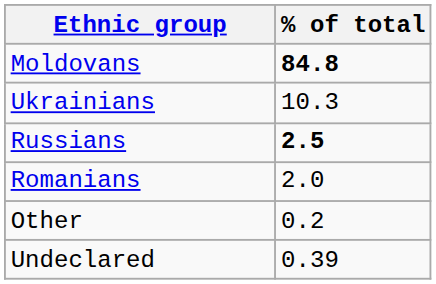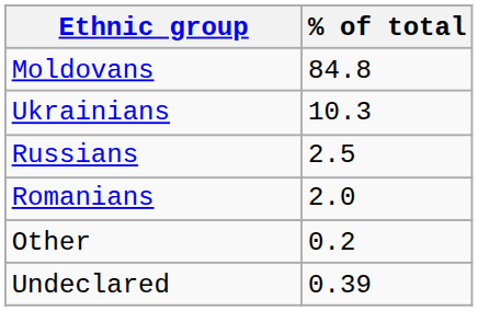 <table class="wikitable sortable">
 <tr>
 <th style="width:140px;"><a href='#'>Ethnic group</a></th>
 <th>% of total</th>
 </tr>
 <tr>
 <td><a href='#'>Moldovans</a> </td>
-<td><strong>84.8</strong></td>
+<td>84.8</td>
 </tr>
 <tr>
 <td><a href='#'>Ukrainians</a></td>
 <td>10.3</td>
 </tr>
 <tr>
 <td><a href='#'>Russians</a></td>
-<td><strong>2.5</strong></td>
+<td>2.5</td>
 </tr>
 <tr>
 <td><a href='#'>Romanians</a> </td>
 <td>2.0</td>
 </tr>
 <tr>
 <td>Other</td>
 <td>0.2</td>
 </tr>
 <tr>
 <td>Undeclared</td>
 <td>0.39</td>
 </tr>
 </table>
